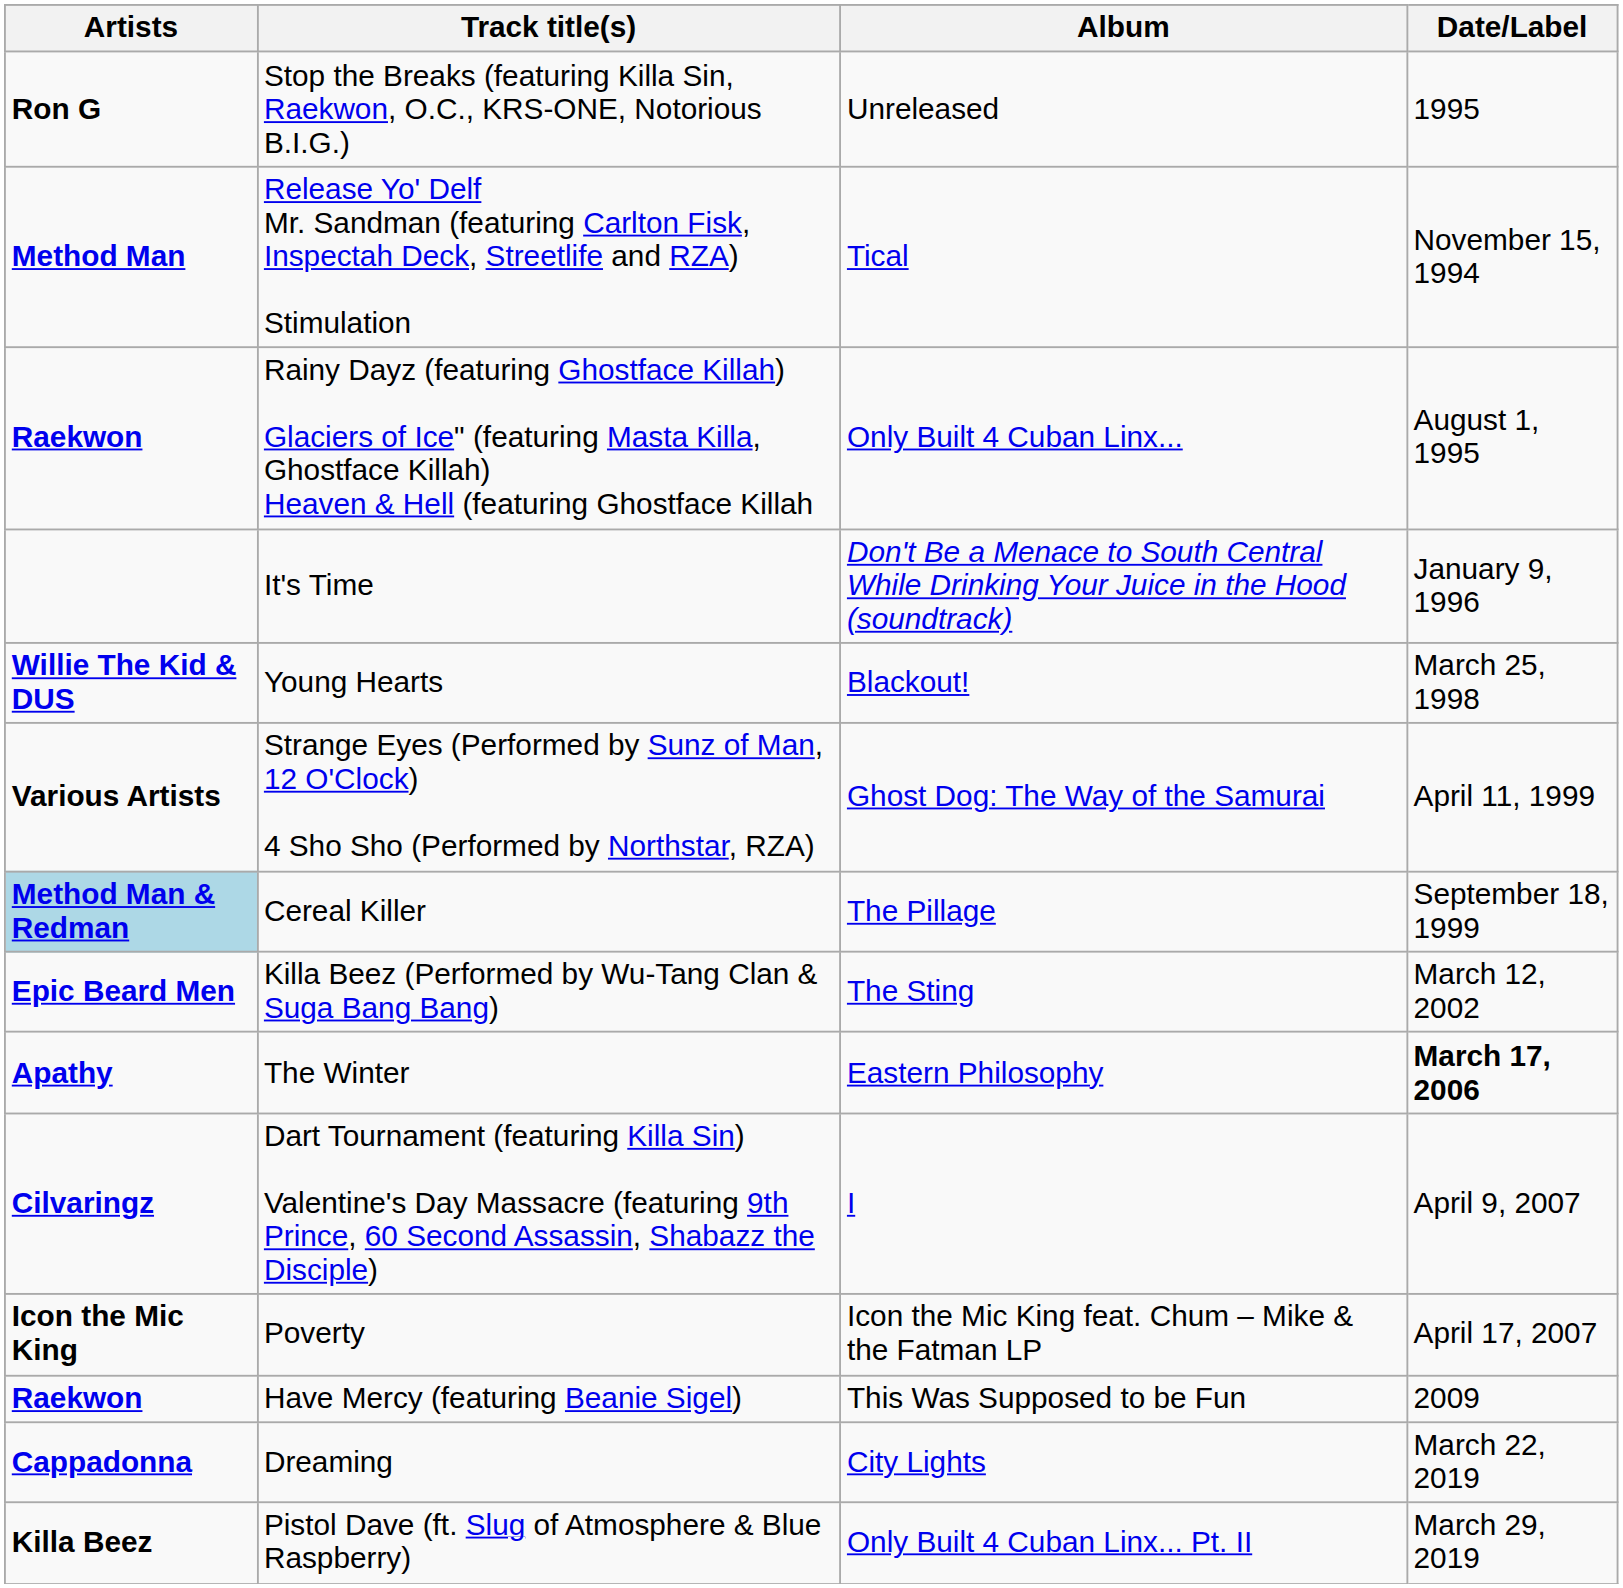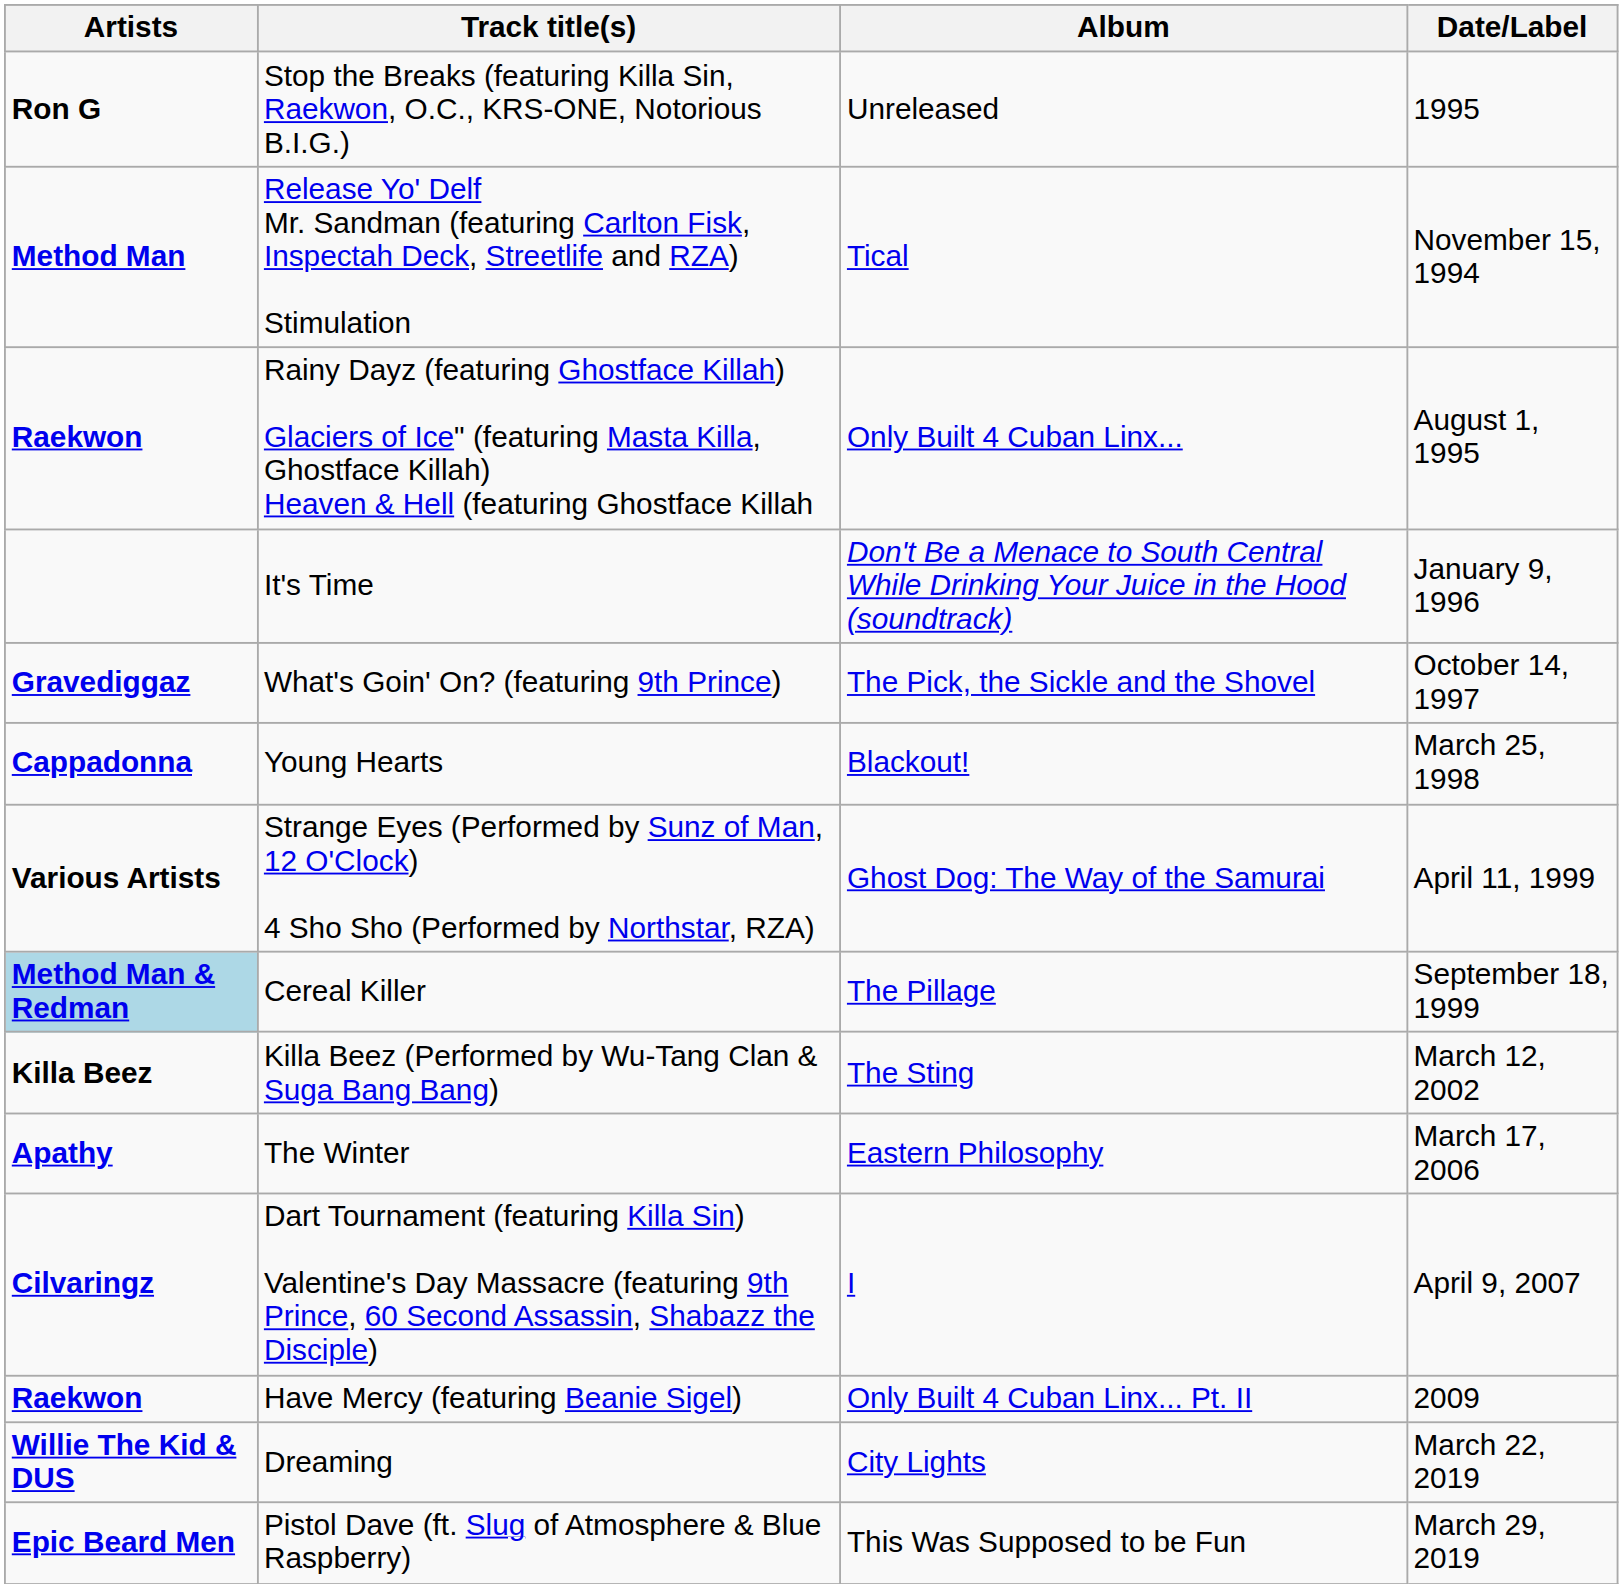 <table class="wikitable">
 <tr>
 <th>Artists</th>
 <th>Track title(s)</th>
 <th>Album</th>
 <th>Date/Label</th>
 </tr>
 <tr>
 <td><strong>Ron G</strong></td>
 <td>Stop the Breaks (featuring Killa Sin, <a href='#'>Raekwon</a>, O.C., KRS-ONE, Notorious B.I.G.)</td>
 <td>Unreleased</td>
 <td>1995</td>
 </tr>
 <tr>
 <td><strong><a href='#'>Method Man</a></strong></td>
 <td><a href='#'>Release Yo' Delf</a><br>Mr. Sandman (featuring <a href='#'>Carlton Fisk</a>, <a href='#'>Inspectah Deck</a>, <a href='#'>Streetlife</a> and <a href='#'>RZA</a>)<br><br>Stimulation</td>
 <td><a href='#'>Tical</a></td>
 <td>November 15, 1994</td>
 </tr>
 <tr>
 <td><strong><a href='#'>Raekwon</a></strong></td>
 <td>Rainy Dayz (featuring <a href='#'>Ghostface Killah</a>)<br><br><a href='#'>Glaciers of Ice</a>" (featuring <a href='#'>Masta Killa</a>, Ghostface Killah)<br> <a href='#'>Heaven & Hell</a> (featuring Ghostface Killah</td>
 <td><a href='#'>Only Built 4 Cuban Linx...</a></td>
 <td>August 1, 1995</td>
 </tr>
 <tr>
 <td></td>
 <td>It's Time</td>
 <td><a href='#'><em>Don't Be a Menace to South Central While Drinking Your Juice in the Hood (soundtrack)</em></a></td>
 <td>January 9, 1996</td>
 </tr>
 <tr>
-<td><strong><a href='#'>Willie The Kid & DUS</a></strong></td>
+<td><strong><a href='#'>Gravediggaz</a></strong></td>
+<td>What's Goin' On? (featuring <a href='#'>9th Prince</a>)</td>
+<td><a href='#'>The Pick, the Sickle and the Shovel</a></td>
+<td>October 14, 1997</td>
+</tr>
+<tr>
+<td><strong><a href='#'>Cappadonna</a></strong></td>
 <td>Young Hearts</td>
 <td><a href='#'>Blackout!</a></td>
 <td>March 25, 1998</td>
 </tr>
 <tr>
 <td><strong>Various Artists</strong></td>
 <td>Strange Eyes (Performed by <a href='#'>Sunz of Man</a>, <a href='#'>12 O'Clock</a>)<br><br>4 Sho Sho (Performed by <a href='#'>Northstar</a>, RZA)</td>
 <td><a href='#'>Ghost Dog: The Way of the Samurai</a></td>
 <td>April 11, 1999</td>
 </tr>
 <tr>
 <td style="background: lightblue;"><strong><a href='#'>Method Man & Redman</a></strong></td>
 <td>Cereal Killer</td>
 <td><a href='#'>The Pillage</a></td>
 <td>September 18, 1999</td>
 </tr>
 <tr>
-<td><strong><a href='#'>Epic Beard Men</a></strong></td>
+<td><strong>Killa Beez</strong></td>
 <td>Killa Beez (Performed by Wu-Tang Clan & <a href='#'>Suga Bang Bang</a>)</td>
 <td><a href='#'>The Sting</a></td>
 <td>March 12, 2002</td>
 </tr>
 <tr>
 <td><strong><a href='#'>Apathy</a></strong></td>
 <td>The Winter</td>
 <td><a href='#'>Eastern Philosophy</a></td>
-<td><strong>March 17, 2006</strong></td>
+<td>March 17, 2006</td>
 </tr>
 <tr>
 <td><strong><a href='#'>Cilvaringz</a></strong></td>
 <td>Dart Tournament (featuring <a href='#'>Killa Sin</a>)<br><br>Valentine's Day Massacre (featuring <a href='#'>9th Prince</a>, <a href='#'>60 Second Assassin</a>, <a href='#'>Shabazz the Disciple</a>)</td>
 <td><a href='#'>I</a></td>
 <td>April 9, 2007</td>
 </tr>
 <tr>
-<td><strong>Icon the Mic King</strong></td>
-<td>Poverty</td>
-<td>Icon the Mic King feat. Chum – Mike & the Fatman LP</td>
-<td>April 17, 2007</td>
-</tr>
-<tr>
 <td><strong><a href='#'>Raekwon</a></strong></td>
 <td>Have Mercy (featuring <a href='#'>Beanie Sigel</a>)</td>
-<td>This Was Supposed to be Fun</td>
+<td><a href='#'>Only Built 4 Cuban Linx... Pt. II</a></td>
 <td>2009</td>
 </tr>
 <tr>
-<td><strong><a href='#'>Cappadonna</a></strong></td>
+<td><strong><a href='#'>Willie The Kid & DUS</a></strong></td>
 <td>Dreaming</td>
 <td><a href='#'>City Lights</a></td>
 <td>March 22, 2019</td>
 </tr>
 <tr>
-<td><strong>Killa Beez</strong></td>
+<td><strong><a href='#'>Epic Beard Men</a></strong></td>
 <td>Pistol Dave (ft. <a href='#'>Slug</a> of Atmosphere & Blue Raspberry)</td>
-<td><a href='#'>Only Built 4 Cuban Linx... Pt. II</a></td>
+<td>This Was Supposed to be Fun</td>
 <td>March 29, 2019</td>
 </tr>
 </table>
